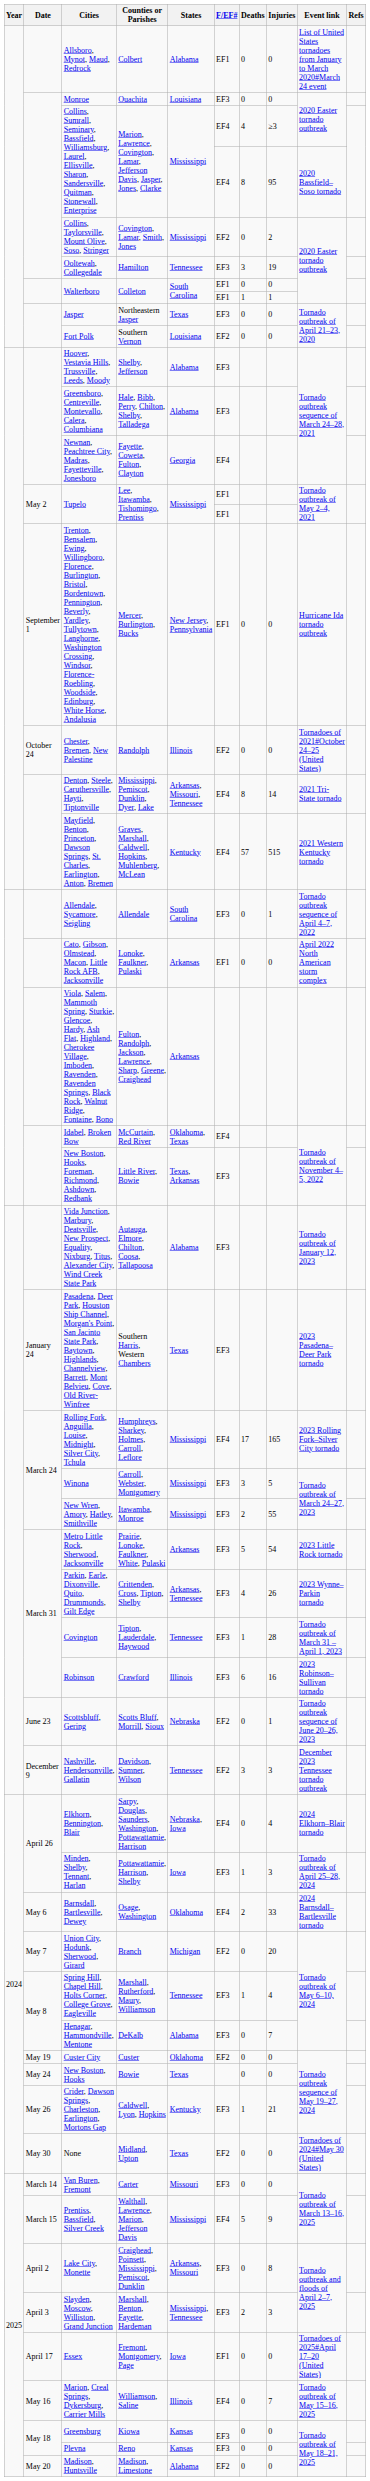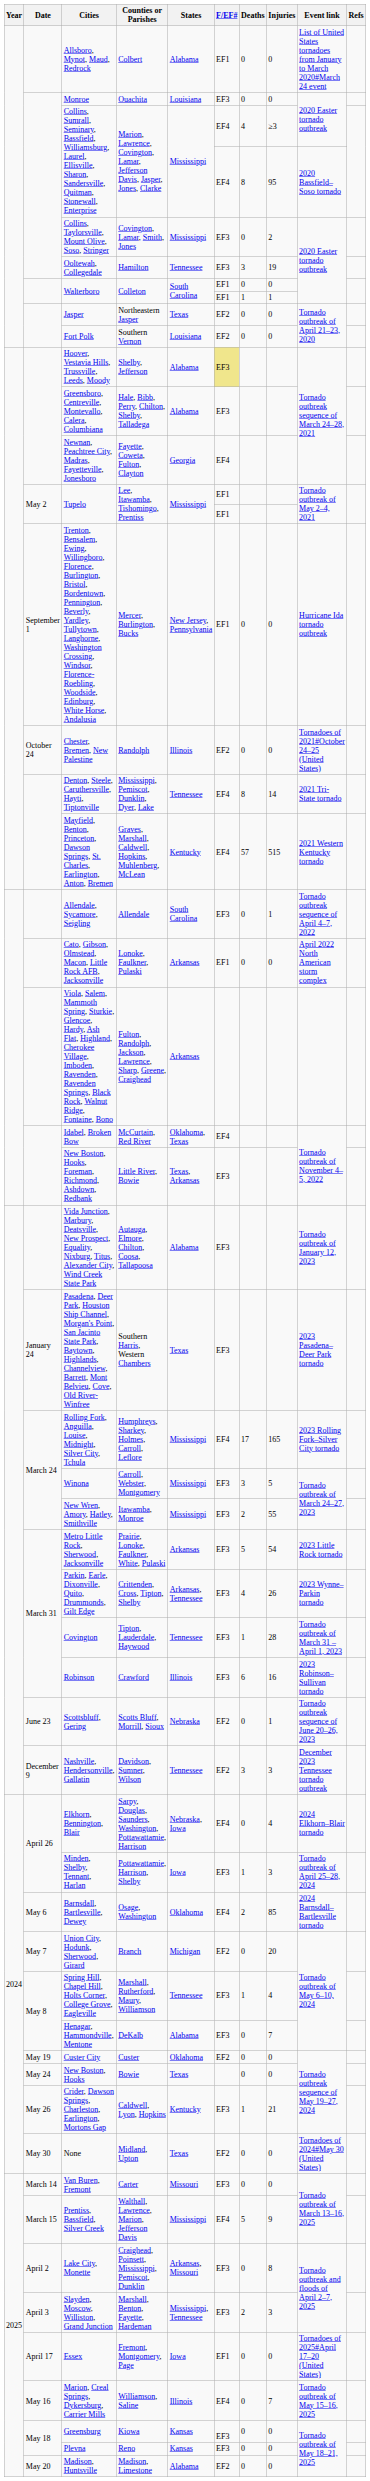 <table class="wikitable sortable" style="width:100%;">
 <tr>
 <th scope="col" width="2%" align="center">Year</th>
 <th scope="col" width="2%" align="center">Date</th>
 <th scope="col" width="8%" align="center" class="unsortable">Cities</th>
 <th scope="col" width="5%" align="center" class="unsortable">Counties or Parishes</th>
 <th scope="col" width="4%" align="center">States</th>
 <th scope="col" width="1%" align="center"><a href='#'>F/EF#</a></th>
 <th scope="col" width="2%" align="center">Deaths</th>
 <th scope="col" width="2%" align="center">Injuries</th>
 <th scope="col" width="10%" align="center" class="unsortable">Event link</th>
 <th scope="col" width="2%" align="center">Refs</th>
 </tr>
 <tr>
 <td rowspan="10"></td>
 <td></td>
 <td><a href='#'>Allsboro</a>, <a href='#'>Mynot</a>, <a href='#'>Maud</a>, <a href='#'>Redrock</a></td>
 <td><a href='#'>Colbert</a></td>
 <td><a href='#'>Alabama</a></td>
 <td>EF1</td>
 <td>0</td>
 <td>0</td>
 <td><a href='#'>List of United States tornadoes from January to March 2020#March 24 event</a></td>
 <td></td>
 </tr>
 <tr>
 <td rowspan="5"></td>
 <td><a href='#'>Monroe</a></td>
 <td><a href='#'>Ouachita</a></td>
 <td><a href='#'>Louisiana</a></td>
 <td>EF3</td>
 <td>0</td>
 <td>0</td>
 <td rowspan="2"><a href='#'>2020 Easter tornado outbreak</a></td>
 <td></td>
 </tr>
 <tr>
 <td rowspan=2><a href='#'>Collins</a>, <a href='#'>Sumrall</a>, <a href='#'>Seminary</a>, <a href='#'>Bassfield</a>, <a href='#'>Williamsburg</a>, <a href='#'>Laurel</a>, <a href='#'>Ellisville</a>, <a href='#'>Sharon</a>, <a href='#'>Sandersville</a>, <a href='#'>Quitman</a>, <a href='#'>Stonewall</a>, <a href='#'>Enterprise</a></td>
 <td rowspan=2><a href='#'>Marion</a>, <a href='#'>Lawrence</a>, <a href='#'>Covington</a>, <a href='#'>Lamar</a>, <a href='#'>Jefferson Davis</a>, <a href='#'>Jasper</a>, <a href='#'>Jones</a>, <a href='#'>Clarke</a></td>
 <td rowspan=2><a href='#'>Mississippi</a></td>
 <td>EF4</td>
 <td>4</td>
 <td>≥3</td>
 <td rowspan=2></td>
 </tr>
 <tr>
 <td>EF4</td>
 <td>8</td>
 <td>95</td>
 <td><a href='#'>2020 Bassfield–Soso tornado</a></td>
 </tr>
 <tr>
 <td><a href='#'>Collins</a>, <a href='#'>Taylorsville</a>, <a href='#'>Mount Olive</a>, <a href='#'>Soso</a>, <a href='#'>Stringer</a></td>
 <td><a href='#'>Covington</a>, <a href='#'>Lamar</a>, <a href='#'>Smith</a>, <a href='#'>Jones</a></td>
 <td><a href='#'>Mississippi</a></td>
-<td>EF2</td>
+<td>EF3</td>
 <td>0</td>
 <td>2</td>
 <td rowspan="4"><a href='#'>2020 Easter tornado outbreak</a></td>
 <td></td>
 </tr>
 <tr>
 <td><a href='#'>Ooltewah</a>, <a href='#'>Collegedale</a></td>
 <td><a href='#'>Hamilton</a></td>
 <td><a href='#'>Tennessee</a></td>
 <td>EF3</td>
 <td>3</td>
 <td>19</td>
 <td></td>
 </tr>
 <tr>
 <td rowspan="2"></td>
 <td rowspan="2"><a href='#'>Walterboro</a></td>
 <td rowspan="2"><a href='#'>Colleton</a></td>
 <td rowspan="2"><a href='#'>South Carolina</a></td>
 <td>EF1</td>
 <td>0</td>
 <td>0</td>
 <td rowspan="2"></td>
 </tr>
 <tr>
 <td>EF1</td>
 <td>1</td>
 <td>1</td>
 </tr>
 <tr>
 <td rowspan="2"></td>
 <td><a href='#'>Jasper</a></td>
 <td>Northeastern <a href='#'>Jasper</a></td>
 <td><a href='#'>Texas</a></td>
-<td>EF3</td>
+<td>EF2</td>
 <td>0</td>
 <td>0</td>
 <td rowspan=2><a href='#'>Tornado outbreak of April 21–23, 2020</a></td>
 <td></td>
 </tr>
 <tr>
 <td><a href='#'>Fort Polk</a></td>
 <td>Southern <a href='#'>Vernon</a></td>
 <td><a href='#'>Louisiana</a></td>
 <td>EF2</td>
 <td>0</td>
 <td>0</td>
 <td></td>
 </tr>
 <tr>
 <td rowspan="9"></td>
 <td rowspan=3></td>
 <td><a href='#'>Hoover</a>, <a href='#'>Vestavia Hills</a>, <a href='#'>Trussville</a>, <a href='#'>Leeds</a>, <a href='#'>Moody</a></td>
 <td><a href='#'>Shelby</a>, <a href='#'>Jefferson</a></td>
 <td><a href='#'>Alabama</a></td>
-<td>EF3</td>
+<td style="background: khaki;">EF3</td>
 <td></td>
 <td></td>
 <td rowspan=3><a href='#'>Tornado outbreak sequence of March 24–28, 2021</a></td>
 <td></td>
 </tr>
 <tr>
 <td><a href='#'>Greensboro</a>, <a href='#'>Centreville</a>, <a href='#'>Montevallo</a>, <a href='#'>Calera</a>, <a href='#'>Columbiana</a></td>
 <td><a href='#'>Hale</a>, <a href='#'>Bibb</a>, <a href='#'>Perry</a>, <a href='#'>Chilton</a>, <a href='#'>Shelby</a>, <a href='#'>Talladega</a></td>
 <td><a href='#'>Alabama</a></td>
 <td>EF3</td>
 <td></td>
 <td></td>
 <td><br></td>
 </tr>
 <tr>
 <td><a href='#'>Newnan</a>, <a href='#'>Peachtree City</a>, <a href='#'>Madras</a>, <a href='#'>Fayetteville</a>, <a href='#'>Jonesboro</a></td>
 <td><a href='#'>Fayette</a>, <a href='#'>Coweta</a>, <a href='#'>Fulton</a>, <a href='#'>Clayton</a></td>
 <td><a href='#'>Georgia</a></td>
 <td>EF4</td>
 <td></td>
 <td></td>
 <td></td>
 </tr>
 <tr>
 <td rowspan=2>May 2</td>
 <td rowspan=2><a href='#'>Tupelo</a></td>
 <td rowspan=2><a href='#'>Lee</a>, <a href='#'>Itawamba</a>, <a href='#'>Tishomingo</a>, <a href='#'>Prentiss</a></td>
 <td rowspan=2><a href='#'>Mississippi</a></td>
 <td>EF1</td>
 <td></td>
 <td></td>
 <td rowspan=2><a href='#'>Tornado outbreak of May 2–4, 2021</a></td>
 <td rowspan=2></td>
 </tr>
 <tr>
 <td>EF1</td>
 <td></td>
 <td></td>
 </tr>
 <tr>
 <td>September 1</td>
 <td><a href='#'>Trenton</a>, <a href='#'>Bensalem</a>, <a href='#'>Ewing</a>, <a href='#'>Willingboro</a>, <a href='#'>Florence</a>, <a href='#'>Burlington</a>, <a href='#'>Bristol</a>, <a href='#'>Bordentown</a>, <a href='#'>Pennington</a>, <a href='#'>Beverly</a>, <a href='#'>Yardley</a>, <a href='#'>Tullytown</a>, <a href='#'>Langhorne</a>, <a href='#'>Washington Crossing</a>, <a href='#'>Windsor</a>, <a href='#'>Florence-Roebling</a>, <a href='#'>Woodside</a>, <a href='#'>Edinburg</a>, <a href='#'>White Horse</a>, <a href='#'>Andalusia</a></td>
 <td><a href='#'>Mercer</a>, <a href='#'>Burlington</a>, <a href='#'>Bucks</a></td>
 <td><a href='#'>New Jersey</a>, <a href='#'>Pennsylvania</a></td>
 <td>EF1</td>
 <td>0</td>
 <td>0</td>
 <td><a href='#'>Hurricane Ida tornado outbreak</a></td>
 <td></td>
 </tr>
 <tr>
 <td>October 24</td>
 <td><a href='#'>Chester</a>, <a href='#'>Bremen</a>, <a href='#'>New Palestine</a></td>
 <td><a href='#'>Randolph</a></td>
 <td><a href='#'>Illinois</a></td>
 <td>EF2</td>
 <td>0</td>
 <td>0</td>
 <td><a href='#'>Tornadoes of 2021#October 24–25 (United States)</a></td>
 <td></td>
 </tr>
 <tr>
 <td rowspan=2></td>
 <td><a href='#'>Denton</a>, <a href='#'>Steele</a>, <a href='#'>Caruthersville</a>, <a href='#'>Hayti</a>, <a href='#'>Tiptonville</a></td>
 <td><a href='#'>Mississippi</a>, <a href='#'>Pemiscot</a>, <a href='#'>Dunklin</a>, <a href='#'>Dyer</a>, <a href='#'>Lake</a></td>
-<td><a href='#'>Arkansas</a>, <a href='#'>Missouri</a>, <a href='#'>Tennessee</a></td>
+<td><a href='#'>Tennessee</a></td>
 <td>EF4</td>
 <td>8</td>
 <td>14</td>
 <td><a href='#'>2021 Tri-State tornado</a></td>
 <td></td>
 </tr>
 <tr>
 <td><a href='#'>Mayfield</a>, <a href='#'>Benton</a>, <a href='#'>Princeton</a>, <a href='#'>Dawson Springs</a>, <a href='#'>St. Charles</a>, <a href='#'>Earlington</a>, <a href='#'>Anton</a>, <a href='#'>Bremen</a></td>
 <td><a href='#'>Graves</a>, <a href='#'>Marshall</a>, <a href='#'>Caldwell</a>, <a href='#'>Hopkins</a>, <a href='#'>Muhlenberg</a>, <a href='#'>McLean</a></td>
 <td><a href='#'>Kentucky</a></td>
 <td>EF4</td>
 <td>57</td>
 <td>515</td>
 <td><a href='#'>2021 Western Kentucky tornado</a></td>
 <td><br></td>
 </tr>
 <tr>
 <td rowspan=5></td>
 <td rowspan=1></td>
 <td><a href='#'>Allendale</a>, <a href='#'>Sycamore</a>, <a href='#'>Seigling</a></td>
 <td><a href='#'>Allendale</a></td>
 <td><a href='#'>South Carolina</a></td>
 <td>EF3</td>
 <td>0</td>
 <td>1</td>
 <td><a href='#'>Tornado outbreak sequence of April 4–7, 2022</a></td>
 <td></td>
 </tr>
 <tr>
 <td></td>
 <td><a href='#'>Cato</a>, <a href='#'>Gibson</a>, <a href='#'>Olmstead</a>, <a href='#'>Macon</a>, <a href='#'>Little Rock AFB</a>, <a href='#'>Jacksonville</a></td>
 <td><a href='#'>Lonoke</a>, <a href='#'>Faulkner</a>, <a href='#'>Pulaski</a></td>
 <td><a href='#'>Arkansas</a></td>
 <td>EF1</td>
 <td>0</td>
 <td>0</td>
 <td><a href='#'>April 2022 North American storm complex</a></td>
 <td></td>
 </tr>
 <tr>
 <td></td>
 <td><a href='#'>Viola</a>, <a href='#'>Salem</a>, <a href='#'>Mammoth Spring</a>, <a href='#'>Sturkie</a>, <a href='#'>Glencoe</a>,  <a href='#'>Hardy</a>, <a href='#'>Ash Flat</a>, <a href='#'>Highland</a>, <a href='#'>Cherokee Village</a>, <a href='#'>Imboden</a>, <a href='#'>Ravenden</a>, <a href='#'>Ravenden Springs</a>, <a href='#'>Black Rock</a>, <a href='#'>Walnut Ridge</a>, <a href='#'>Fontaine</a>, <a href='#'>Bono</a></td>
 <td><a href='#'>Fulton</a>, <a href='#'>Randolph</a>, <a href='#'>Jackson</a>, <a href='#'>Lawrence</a>, <a href='#'>Sharp</a>, <a href='#'>Greene</a>, <a href='#'>Craighead</a></td>
 <td><a href='#'>Arkansas</a></td>
 <td></td>
 <td></td>
 <td></td>
 <td></td>
 <td></td>
 </tr>
 <tr>
 <td rowspan=2></td>
 <td><a href='#'>Idabel</a>, <a href='#'>Broken Bow</a></td>
 <td><a href='#'>McCurtain</a>, <a href='#'>Red River</a></td>
 <td><a href='#'>Oklahoma</a>, <a href='#'>Texas</a></td>
 <td>EF4</td>
 <td></td>
 <td></td>
 <td rowspan=2><a href='#'>Tornado outbreak of November 4–5, 2022</a></td>
 <td></td>
 </tr>
 <tr>
 <td><a href='#'>New Boston</a>, <a href='#'>Hooks</a>, <a href='#'>Foreman</a>, <a href='#'>Richmond</a>, <a href='#'>Ashdown</a>, <a href='#'>Redbank</a></td>
 <td><a href='#'>Little River</a>, <a href='#'>Bowie</a></td>
 <td><a href='#'>Texas</a>, <a href='#'>Arkansas</a></td>
 <td>EF3</td>
 <td></td>
 <td></td>
 <td></td>
 </tr>
 <tr>
 <td rowspan="11"></td>
 <td></td>
 <td><a href='#'>Vida Junction</a>, <a href='#'>Marbury</a>, <a href='#'>Deatsville</a>, <a href='#'>New Prospect</a>, <a href='#'>Equality</a>, <a href='#'>Nixburg</a>, <a href='#'>Titus</a>, <a href='#'>Alexander City</a>, <a href='#'>Wind Creek State Park</a></td>
 <td><a href='#'>Autauga</a>, <a href='#'>Elmore</a>, <a href='#'>Chilton</a>, <a href='#'>Coosa</a>, <a href='#'>Tallapoosa</a></td>
 <td><a href='#'>Alabama</a></td>
 <td>EF3</td>
 <td></td>
 <td></td>
 <td><a href='#'>Tornado outbreak of January 12, 2023</a></td>
 <td></td>
 </tr>
 <tr>
 <td>January 24</td>
 <td><a href='#'>Pasadena</a>, <a href='#'>Deer Park</a>, <a href='#'>Houston Ship Channel</a>, <a href='#'>Morgan's Point</a>, <a href='#'>San Jacinto State Park</a>, <a href='#'>Baytown</a>, <a href='#'>Highlands</a>, <a href='#'>Channelview</a>, <a href='#'>Barrett</a>, <a href='#'>Mont Belvieu</a>, <a href='#'>Cove</a>, <a href='#'>Old River-Winfree</a></td>
 <td>Southern <a href='#'>Harris</a>, Western <a href='#'>Chambers</a></td>
 <td><a href='#'>Texas</a></td>
 <td>EF3</td>
 <td></td>
 <td></td>
 <td><a href='#'>2023 Pasadena–Deer Park tornado</a></td>
 <td></td>
 </tr>
 <tr>
 <td rowspan="3">March 24</td>
 <td><a href='#'>Rolling Fork</a>, <a href='#'>Anguilla</a>, <a href='#'>Louise</a>, <a href='#'>Midnight</a>, <a href='#'>Silver City</a>, <a href='#'>Tchula</a></td>
 <td><a href='#'>Humphreys</a>, <a href='#'>Sharkey</a>, <a href='#'>Holmes</a>, <a href='#'>Carroll</a>, <a href='#'>Leflore</a></td>
 <td><a href='#'>Mississippi</a></td>
 <td>EF4</td>
 <td>17</td>
 <td>165</td>
 <td><a href='#'>2023 Rolling Fork–Silver City tornado</a></td>
 <td></td>
 </tr>
 <tr>
 <td><a href='#'>Winona</a></td>
 <td><a href='#'>Carroll</a>, <a href='#'>Webster</a>, <a href='#'>Montgomery</a></td>
 <td><a href='#'>Mississippi</a></td>
 <td>EF3</td>
 <td>3</td>
 <td>5</td>
 <td rowspan="2"><a href='#'>Tornado outbreak of March 24–27, 2023</a></td>
 <td></td>
 </tr>
 <tr>
 <td><a href='#'>New Wren</a>, <a href='#'>Amory</a>, <a href='#'>Hatley</a>, <a href='#'>Smithville</a></td>
 <td><a href='#'>Itawamba</a>, <a href='#'>Monroe</a></td>
 <td><a href='#'>Mississippi</a></td>
 <td>EF3</td>
 <td>2</td>
 <td>55</td>
 <td></td>
 </tr>
 <tr>
 <td rowspan="4">March 31</td>
 <td><a href='#'>Metro Little Rock</a>, <a href='#'>Sherwood</a>, <a href='#'>Jacksonville</a></td>
 <td><a href='#'>Prairie</a>, <a href='#'>Lonoke</a>, <a href='#'>Faulkner</a>, <a href='#'>White</a>, <a href='#'>Pulaski</a></td>
 <td><a href='#'>Arkansas</a></td>
 <td>EF3</td>
 <td>5</td>
 <td>54</td>
 <td><a href='#'>2023 Little Rock tornado</a></td>
 <td></td>
 </tr>
 <tr>
 <td><a href='#'>Parkin</a>, <a href='#'>Earle</a>, <a href='#'>Dixonville</a>, <a href='#'>Quito</a>, <a href='#'>Drummonds</a>, <a href='#'>Gilt Edge</a></td>
 <td><a href='#'>Crittenden</a>, <a href='#'>Cross</a>, <a href='#'>Tipton</a>, <a href='#'>Shelby</a></td>
 <td><a href='#'>Arkansas</a>, <a href='#'>Tennessee</a></td>
 <td>EF3</td>
 <td>4</td>
 <td>26</td>
 <td><a href='#'>2023 Wynne–Parkin tornado</a></td>
 <td></td>
 </tr>
 <tr>
 <td><a href='#'>Covington</a></td>
 <td><a href='#'>Tipton</a>, <a href='#'>Lauderdale</a>, <a href='#'>Haywood</a></td>
 <td><a href='#'>Tennessee</a></td>
 <td>EF3</td>
 <td>1</td>
 <td>28</td>
 <td><a href='#'>Tornado outbreak of March 31 – April 1, 2023</a></td>
 <td></td>
 </tr>
 <tr>
 <td><a href='#'>Robinson</a></td>
 <td><a href='#'>Crawford</a></td>
 <td><a href='#'>Illinois</a></td>
 <td>EF3</td>
 <td>6</td>
 <td>16</td>
 <td><a href='#'>2023 Robinson–Sullivan tornado</a></td>
 <td></td>
 </tr>
 <tr>
 <td>June 23</td>
 <td><a href='#'>Scottsbluff</a>, <a href='#'>Gering</a></td>
 <td><a href='#'>Scotts Bluff</a>, <a href='#'>Morrill</a>, <a href='#'>Sioux</a></td>
 <td><a href='#'>Nebraska</a></td>
 <td>EF2</td>
 <td>0</td>
 <td>1</td>
 <td><a href='#'>Tornado outbreak sequence of June 20–26, 2023</a></td>
 <td></td>
 </tr>
 <tr>
 <td>December 9</td>
 <td><a href='#'>Nashville</a>, <a href='#'>Hendersonville</a>, <a href='#'>Gallatin</a></td>
 <td><a href='#'>Davidson</a>, <a href='#'>Sumner</a>, <a href='#'>Wilson</a></td>
 <td><a href='#'>Tennessee</a></td>
 <td>EF2</td>
 <td>3</td>
 <td>3</td>
 <td><a href='#'>December 2023 Tennessee tornado outbreak</a></td>
 <td></td>
 </tr>
 <tr>
 <td rowspan="10">2024</td>
 <td rowspan="2">April 26</td>
 <td><a href='#'>Elkhorn</a>, <a href='#'>Bennington</a>, <a href='#'>Blair</a></td>
 <td><a href='#'>Sarpy</a>, <a href='#'>Douglas</a>, <a href='#'>Saunders</a>, <a href='#'>Washington</a>, <a href='#'>Pottawattamie</a>, <a href='#'>Harrison</a></td>
 <td><a href='#'>Nebraska</a>, <a href='#'>Iowa</a></td>
 <td>EF4</td>
 <td>0</td>
 <td>4</td>
 <td><a href='#'>2024 Elkhorn–Blair tornado</a></td>
 <td></td>
 </tr>
 <tr>
 <td><a href='#'>Minden</a>, <a href='#'>Shelby</a>, <a href='#'>Tennant</a>, <a href='#'>Harlan</a></td>
 <td><a href='#'>Pottawattamie</a>, <a href='#'>Harrison</a>, <a href='#'>Shelby</a></td>
 <td><a href='#'>Iowa</a></td>
 <td>EF3</td>
 <td>1</td>
 <td>3</td>
 <td><a href='#'>Tornado outbreak of April 25–28, 2024</a></td>
 <td></td>
 </tr>
 <tr>
 <td>May 6</td>
 <td><a href='#'>Barnsdall</a>, <a href='#'>Bartlesville</a>, <a href='#'>Dewey</a></td>
 <td><a href='#'>Osage</a>, <a href='#'>Washington</a></td>
 <td><a href='#'>Oklahoma</a></td>
 <td>EF4</td>
 <td>2</td>
-<td>33</td>
+<td>85</td>
 <td><a href='#'>2024 Barnsdall–Bartlesville tornado</a></td>
 <td></td>
 </tr>
 <tr>
 <td>May 7</td>
 <td><a href='#'>Union City</a>, <a href='#'>Hodunk</a>, <a href='#'>Sherwood</a>, <a href='#'>Girard</a></td>
 <td><a href='#'>Branch</a></td>
 <td><a href='#'>Michigan</a></td>
 <td>EF2</td>
 <td>0</td>
 <td>20</td>
 <td rowspan="3"><a href='#'>Tornado outbreak of May 6–10, 2024</a></td>
 <td></td>
 </tr>
 <tr>
 <td rowspan="2">May 8</td>
 <td><a href='#'>Spring Hill</a>, <a href='#'>Chapel Hill</a>, <a href='#'>Holts Corner</a>, <a href='#'>College Grove</a>, <a href='#'>Eagleville</a></td>
 <td><a href='#'>Marshall</a>, <a href='#'>Rutherford</a>, <a href='#'>Maury</a>, <a href='#'>Williamson</a></td>
 <td><a href='#'>Tennessee</a></td>
 <td>EF3</td>
 <td>1</td>
 <td>4</td>
 <td></td>
 </tr>
 <tr>
 <td><a href='#'>Henagar</a>, <a href='#'>Hammondville</a>, <a href='#'>Mentone</a></td>
 <td><a href='#'>DeKalb</a></td>
 <td><a href='#'>Alabama</a></td>
 <td>EF3</td>
 <td>0</td>
 <td>7</td>
 <td></td>
 </tr>
 <tr>
 <td>May 19</td>
 <td><a href='#'>Custer City</a></td>
 <td><a href='#'>Custer</a></td>
 <td><a href='#'>Oklahoma</a></td>
 <td>EF2</td>
 <td>0</td>
 <td>0</td>
 <td rowspan="3"><a href='#'>Tornado outbreak sequence of May 19–27, 2024</a></td>
 <td></td>
 </tr>
 <tr>
 <td>May 24</td>
 <td><a href='#'>New Boston</a>, <a href='#'>Hooks</a></td>
 <td><a href='#'>Bowie</a></td>
 <td><a href='#'>Texas</a></td>
 <td></td>
 <td>0</td>
 <td>0</td>
 <td></td>
 </tr>
 <tr>
 <td rowspan="1">May 26</td>
 <td><a href='#'>Crider</a>, <a href='#'>Dawson Springs</a>, <a href='#'>Charleston</a>, <a href='#'>Earlington</a>, <a href='#'>Mortons Gap</a></td>
 <td><a href='#'>Caldwell</a>, <a href='#'>Lyon</a>, <a href='#'>Hopkins</a></td>
 <td><a href='#'>Kentucky</a></td>
 <td>EF3</td>
 <td>1</td>
 <td>21</td>
 <td></td>
 </tr>
 <tr>
 <td rowspan="1">May 30</td>
 <td>None</td>
 <td><a href='#'>Midland</a>, <a href='#'>Upton</a></td>
 <td><a href='#'>Texas</a></td>
 <td>EF2</td>
 <td>0</td>
 <td>0</td>
 <td><a href='#'>Tornadoes of 2024#May 30 (United States)</a></td>
 <td></td>
 </tr>
 <tr>
 <td rowspan="9">2025</td>
 <td>March 14</td>
 <td><a href='#'>Van Buren</a>, <a href='#'>Fremont</a></td>
 <td><a href='#'>Carter</a></td>
 <td><a href='#'>Missouri</a></td>
 <td>EF3</td>
 <td>0</td>
 <td>0</td>
 <td rowspan="2"><a href='#'>Tornado outbreak of March 13–16, 2025</a></td>
 <td></td>
 </tr>
 <tr>
 <td>March 15</td>
 <td><a href='#'>Prentiss</a>, <a href='#'>Bassfield</a>, <a href='#'>Silver Creek</a></td>
 <td><a href='#'>Walthall</a>, <a href='#'>Lawrence</a>, <a href='#'>Marion</a>, <a href='#'>Jefferson Davis</a></td>
 <td><a href='#'>Mississippi</a></td>
 <td>EF4</td>
 <td>5</td>
 <td>9</td>
 <td></td>
 </tr>
 <tr>
 <td>April 2</td>
 <td><a href='#'>Lake City</a>, <a href='#'>Monette</a></td>
 <td><a href='#'>Craighead</a>, <a href='#'>Poinsett</a>, <a href='#'>Mississippi</a>, <a href='#'>Pemiscot</a>, <a href='#'>Dunklin</a></td>
 <td><a href='#'>Arkansas</a>, <a href='#'>Missouri</a></td>
 <td>EF3</td>
 <td>0</td>
 <td>8</td>
 <td rowspan="2"><a href='#'>Tornado outbreak and floods of April 2–7, 2025</a></td>
 <td></td>
 </tr>
 <tr>
 <td>April 3</td>
 <td><a href='#'>Slayden</a>, <a href='#'>Moscow</a>, <a href='#'>Williston</a>, <a href='#'>Grand Junction</a></td>
 <td><a href='#'>Marshall</a>, <a href='#'>Benton</a>, <a href='#'>Fayette</a>, <a href='#'>Hardeman</a></td>
 <td><a href='#'>Mississippi</a>, <a href='#'>Tennessee</a></td>
 <td>EF3</td>
 <td>2</td>
 <td>3</td>
 <td></td>
 </tr>
 <tr>
 <td>April 17</td>
 <td><a href='#'>Essex</a></td>
 <td><a href='#'>Fremont</a>, <a href='#'>Montgomery</a>, <a href='#'>Page</a></td>
 <td><a href='#'>Iowa</a></td>
 <td>EF1</td>
 <td>0</td>
 <td>0</td>
 <td><a href='#'>Tornadoes of 2025#April 17–20 (United States)</a></td>
 <td></td>
 </tr>
 <tr>
 <td>May 16</td>
 <td><a href='#'>Marion</a>, <a href='#'>Creal Springs</a>, <a href='#'>Dykersburg</a>, <a href='#'>Carrier Mills</a></td>
 <td><a href='#'>Williamson</a>, <a href='#'>Saline</a></td>
 <td><a href='#'>Illinois</a></td>
 <td>EF4</td>
 <td>0</td>
 <td>7</td>
 <td><a href='#'>Tornado outbreak of May 15–16, 2025</a></td>
 <td></td>
 </tr>
 <tr>
 <td rowspan="2">May 18</td>
 <td><a href='#'>Greensburg</a></td>
 <td><a href='#'>Kiowa</a></td>
 <td><a href='#'>Kansas</a></td>
 <td><br>EF3</td>
 <td>0</td>
 <td>0</td>
 <td rowspan="3"><a href='#'>Tornado outbreak of May 18–21, 2025</a></td>
 <td></td>
 </tr>
 <tr>
 <td><a href='#'>Plevna</a></td>
 <td><a href='#'>Reno</a></td>
 <td><a href='#'>Kansas</a></td>
 <td>EF3</td>
 <td>0</td>
 <td>0</td>
 <td></td>
 </tr>
 <tr>
 <td>May 20</td>
 <td><a href='#'>Madison</a>, <a href='#'>Huntsville</a></td>
 <td><a href='#'>Madison</a>, <a href='#'>Limestone</a></td>
 <td><a href='#'>Alabama</a></td>
 <td>EF2</td>
 <td>0</td>
 <td>0</td>
 <td></td>
 </tr>
 </table>
